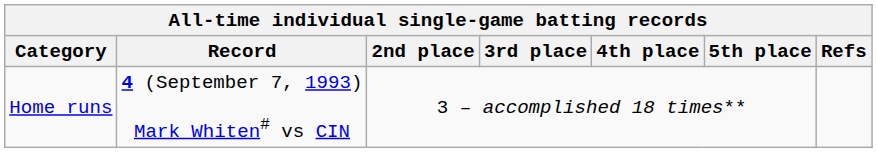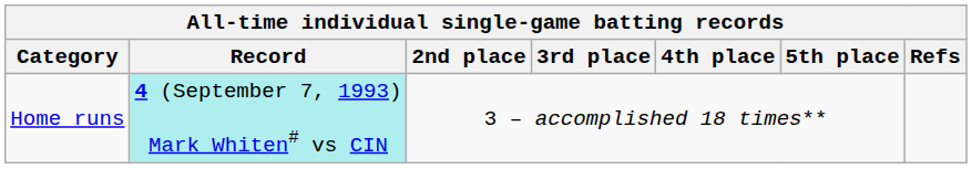 <table class="wikitable unsortable" style="text-align:center">
 <tr>
 <th colspan=7><strong>All-time individual single-game batting records</strong></th>
 </tr>
 <tr>
 <th scope="col">Category</th>
 <th scope="col">Record</th>
 <th scope="col">2nd place</th>
 <th scope="col">3rd place</th>
 <th scope="col">4th place</th>
 <th scope="col">5th place</th>
 <th scope="col">Refs</th>
 </tr>
 <tr>
 <td><a href='#'>Home runs</a></td>
-<td><strong><a href='#'>4</a></strong> (September 7, <a href='#'>1993</a>)<br><br><a href='#'>Mark Whiten</a><sup>#</sup> vs <a href='#'>CIN</a><br></td>
+<td style="background: paleturquoise;"><strong><a href='#'>4</a></strong> (September 7, <a href='#'>1993</a>)<br><br><a href='#'>Mark Whiten</a><sup>#</sup> vs <a href='#'>CIN</a><br></td>
 <td colspan="4" style="text-align: center;">3 – <em>accomplished 18 times</em>**</td>
 <td></td>
 </tr>
 </table>
